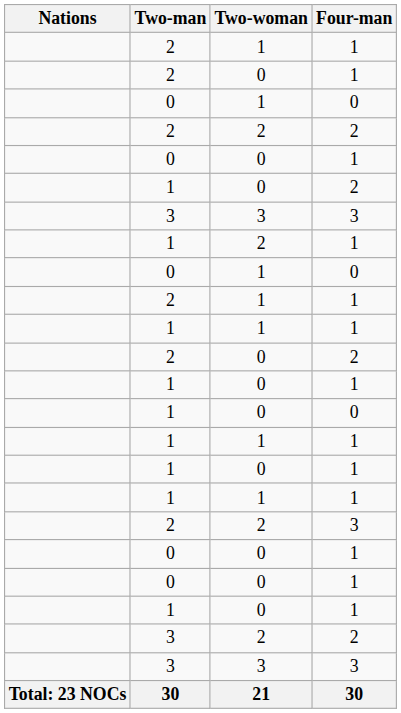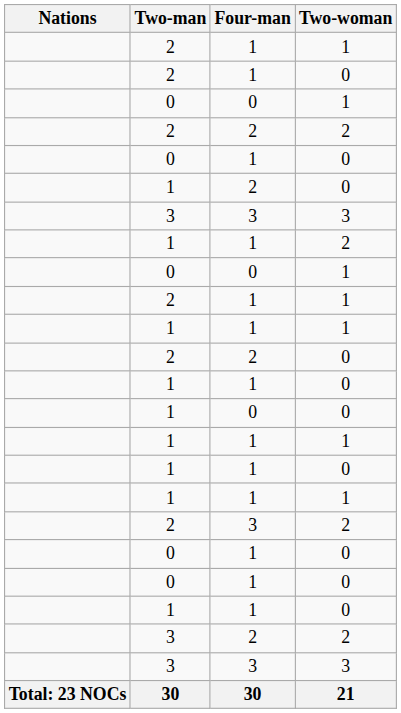 <table class="wikitable sortable" style="text-align:center;">
 <tr>
 <th>Nations</th>
 <th>Two-man </th>
+<th>Four-man </th>
 <th>Two-woman </th>
-<th>Four-man </th>
 </tr>
 <tr>
 <td align="left"></td>
 <td>2</td>
 <td>1</td>
 <td>1</td>
 </tr>
 <tr>
 <td align="left"></td>
 <td>2</td>
+<td>1</td>
 <td>0</td>
-<td>1</td>
 </tr>
 <tr>
 <td align="left"></td>
 <td>0</td>
+<td>0</td>
 <td>1</td>
-<td>0</td>
 </tr>
 <tr>
 <td align="left"></td>
 <td>2</td>
 <td>2</td>
 <td>2</td>
 </tr>
 <tr>
 <td align="left"></td>
 <td>0</td>
+<td>1</td>
 <td>0</td>
-<td>1</td>
 </tr>
 <tr>
 <td align="left"></td>
 <td>1</td>
+<td>2</td>
 <td>0</td>
-<td>2</td>
 </tr>
 <tr>
 <td align="left"></td>
 <td>3</td>
 <td>3</td>
 <td>3</td>
 </tr>
 <tr>
 <td align="left"></td>
 <td>1</td>
+<td>1</td>
 <td>2</td>
-<td>1</td>
 </tr>
 <tr>
 <td align="left"></td>
 <td>0</td>
+<td>0</td>
 <td>1</td>
-<td>0</td>
 </tr>
 <tr>
 <td align="left"></td>
 <td>2</td>
 <td>1</td>
 <td>1</td>
 </tr>
 <tr>
 <td align="left"></td>
 <td>1</td>
 <td>1</td>
 <td>1</td>
 </tr>
 <tr>
 <td align="left"></td>
 <td>2</td>
+<td>2</td>
 <td>0</td>
-<td>2</td>
 </tr>
 <tr>
 <td align="left"></td>
 <td>1</td>
+<td>1</td>
 <td>0</td>
-<td>1</td>
 </tr>
 <tr>
 <td align="left"></td>
 <td>1</td>
 <td>0</td>
 <td>0</td>
 </tr>
 <tr>
 <td align="left"></td>
 <td>1</td>
 <td>1</td>
 <td>1</td>
 </tr>
 <tr>
 <td align="left"></td>
 <td>1</td>
+<td>1</td>
 <td>0</td>
-<td>1</td>
 </tr>
 <tr>
 <td align="left"></td>
 <td>1</td>
 <td>1</td>
 <td>1</td>
 </tr>
 <tr>
 <td align="left"></td>
 <td>2</td>
+<td>3</td>
 <td>2</td>
-<td>3</td>
 </tr>
 <tr>
 <td align="left"></td>
 <td>0</td>
+<td>1</td>
 <td>0</td>
-<td>1</td>
 </tr>
 <tr>
 <td align="left"></td>
 <td>0</td>
+<td>1</td>
 <td>0</td>
-<td>1</td>
 </tr>
 <tr>
 <td align="left"></td>
 <td>1</td>
+<td>1</td>
 <td>0</td>
-<td>1</td>
 </tr>
 <tr>
 <td align="left"></td>
 <td>3</td>
 <td>2</td>
 <td>2</td>
 </tr>
 <tr>
 <td align="left"></td>
 <td>3</td>
 <td>3</td>
 <td>3</td>
 </tr>
 <tr>
 <th>Total: 23 NOCs</th>
 <th>30</th>
+<th>30</th>
 <th>21 </th>
-<th>30</th>
 </tr>
 </table>
